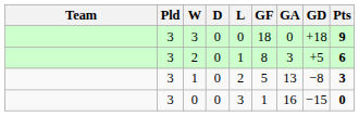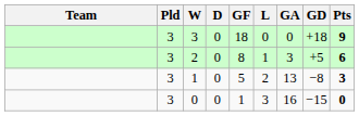 <table class=wikitable style="text-align:center">
 <tr>
 <th width=175>Team</th>
 <th width=20>Pld</th>
 <th width=20>W</th>
 <th width=20>D</th>
+<th width=20>GF</th>
 <th width=20>L</th>
-<th width=20>GF</th>
 <th width=20>GA</th>
 <th width=20>GD</th>
 <th width=20>Pts</th>
 </tr>
 <tr bgcolor=ccffcc>
 <td align=left></td>
 <td>3</td>
 <td>3</td>
 <td>0</td>
+<td>18</td>
 <td>0</td>
-<td>18</td>
 <td>0</td>
 <td>+18</td>
 <td><strong>9</strong></td>
 </tr>
 <tr bgcolor=ccffcc>
 <td align=left></td>
 <td>3</td>
 <td>2</td>
 <td>0</td>
+<td>8</td>
 <td>1</td>
-<td>8</td>
 <td>3</td>
 <td>+5</td>
 <td><strong>6</strong></td>
 </tr>
 <tr>
 <td align=left></td>
 <td>3</td>
 <td>1</td>
 <td>0</td>
+<td>5</td>
 <td>2</td>
-<td>5</td>
 <td>13</td>
 <td>−8</td>
 <td><strong>3</strong></td>
 </tr>
 <tr>
 <td align=left></td>
 <td>3</td>
 <td>0</td>
 <td>0</td>
+<td>1</td>
 <td>3</td>
-<td>1</td>
 <td>16</td>
 <td>−15</td>
 <td><strong>0</strong></td>
 </tr>
 </table>
